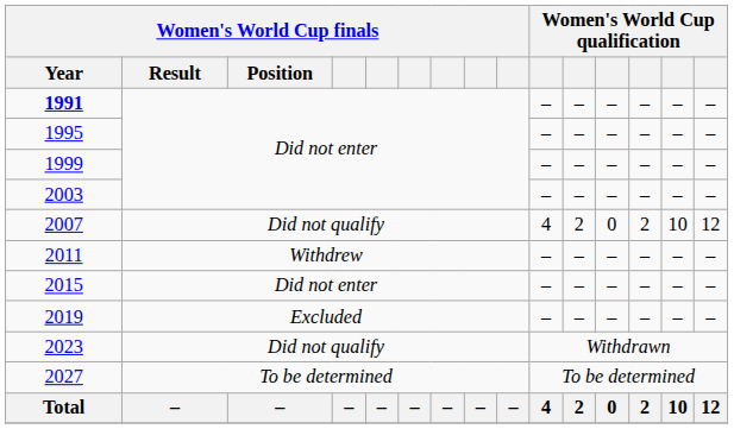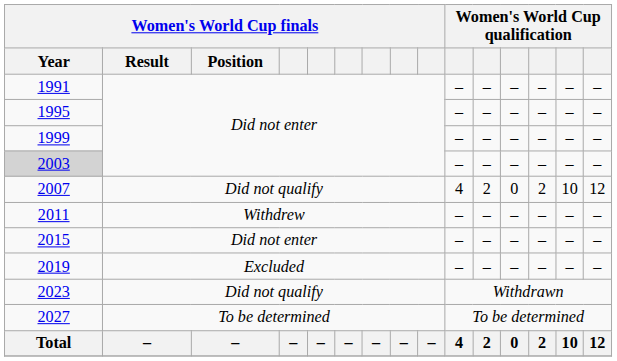 <table class="wikitable" style="text-align:center;">
 <tr>
 <th colspan="9"><a href='#'>Women's World Cup finals</a></th>
 <th colspan="6">Women's World Cup<br>qualification</th>
 </tr>
 <tr>
 <th style="width:90px;">Year</th>
 <th style="width:80px;">Result</th>
 <th style="width:80px;">Position</th>
 <th style="width:20px;"></th>
 <th style="width:20px;"></th>
 <th style="width:20px;"></th>
 <th style="width:20px;"></th>
 <th style="width:20px;"></th>
 <th style="width:20px;"></th>
 <th style="width:20px;"></th>
 <th style="width:20px;"></th>
 <th style="width:20px;"></th>
 <th style="width:20px;"></th>
 <th style="width:20px;"></th>
 <th style="width:20px;"></th>
 </tr>
 <tr>
-<td><strong> <a href='#'>1991</a></strong></td>
+<td> <a href='#'>1991</a></td>
 <td rowspan="4" colspan="8"><em>Did not enter</em></td>
 <td>–</td>
 <td>–</td>
 <td>–</td>
 <td>–</td>
 <td>–</td>
 <td>–</td>
 </tr>
 <tr>
 <td> <a href='#'>1995</a></td>
 <td>–</td>
 <td>–</td>
 <td>–</td>
 <td>–</td>
 <td>–</td>
 <td>–</td>
 </tr>
 <tr>
 <td> <a href='#'>1999</a></td>
 <td>–</td>
 <td>–</td>
 <td>–</td>
 <td>–</td>
 <td>–</td>
 <td>–</td>
 </tr>
 <tr>
-<td> <a href='#'>2003</a></td>
+<td style="background: lightgrey;"> <a href='#'>2003</a></td>
 <td>–</td>
 <td>–</td>
 <td>–</td>
 <td>–</td>
 <td>–</td>
 <td>–</td>
 </tr>
 <tr>
 <td> <a href='#'>2007</a></td>
 <td colspan="8"><em>Did not qualify</em></td>
 <td>4</td>
 <td>2</td>
 <td>0</td>
 <td>2</td>
 <td>10</td>
 <td>12</td>
 </tr>
 <tr>
 <td> <a href='#'>2011</a></td>
 <td colspan="8"><em>Withdrew</em></td>
 <td>–</td>
 <td>–</td>
 <td>–</td>
 <td>–</td>
 <td>–</td>
 <td>–</td>
 </tr>
 <tr>
 <td> <a href='#'>2015</a></td>
 <td colspan="8"><em>Did not enter</em></td>
 <td>–</td>
 <td>–</td>
 <td>–</td>
 <td>–</td>
 <td>–</td>
 <td>–</td>
 </tr>
 <tr>
 <td> <a href='#'>2019</a></td>
 <td colspan="8"><em>Excluded</em></td>
 <td>–</td>
 <td>–</td>
 <td>–</td>
 <td>–</td>
 <td>–</td>
 <td>–</td>
 </tr>
 <tr>
 <td> <a href='#'>2023</a></td>
 <td colspan="8"><em>Did not qualify</em></td>
 <td colspan="6"><em>Withdrawn</em></td>
 </tr>
 <tr>
 <td> <a href='#'>2027</a></td>
 <td colspan="8"><em>To be determined</em></td>
 <td colspan="6"><em>To be determined</em></td>
 </tr>
 <tr>
 <th>Total</th>
 <th>–</th>
 <th>–</th>
 <th>–</th>
 <th>–</th>
 <th>–</th>
 <th>–</th>
 <th>–</th>
 <th>–</th>
 <th>4</th>
 <th>2</th>
 <th>0</th>
 <th>2</th>
 <th>10</th>
 <th>12</th>
 </tr>
 <tr>
 </tr>
 </table>
